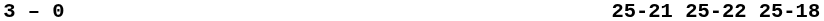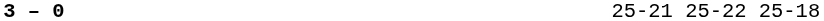 <table width=100% cellspacing=1>
 <tr>
 <th width=20%></th>
 <th width=12%></th>
 <th width=20%></th>
 <th width=33%></th>
 <td></td>
 </tr>
 <tr style=font-size:90%>
 <td align=right><strong></strong></td>
 <td align=center><strong>3 – 0</strong></td>
 <td></td>
-<td><strong>25-21 25-22 25-18</strong></td>
+<td>25-21 25-22 25-18</td>
 </tr>
 </table>
